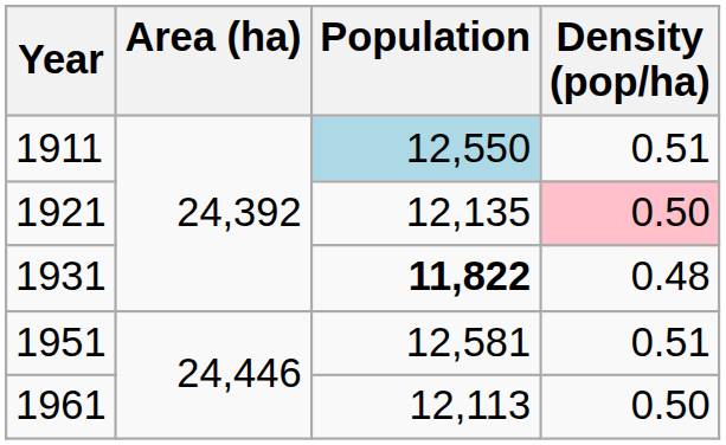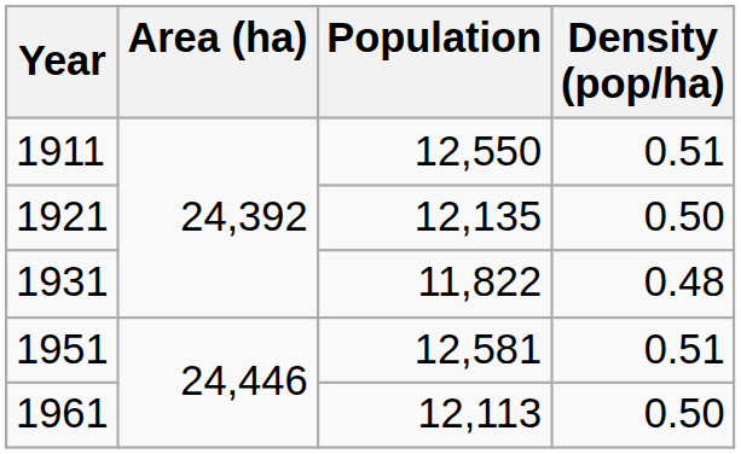 <table class="wikitable">
 <tr>
 <th>Year</th>
 <th>Area (ha)<br><br> </th>
 <th>Population<br><br> </th>
 <th>Density<br>(pop/ha)</th>
 </tr>
 <tr>
 <td>1911</td>
 <td style="text-align:right;" rowspan="3">24,392</td>
-<td style="background: lightblue; text-align:right;">12,550</td>
+<td style="text-align:right;">12,550</td>
 <td style="text-align:right;">0.51</td>
 </tr>
 <tr>
 <td>1921</td>
 <td style="text-align:right;">12,135</td>
-<td style="background: pink; text-align:right;">0.50</td>
+<td style="text-align:right;">0.50</td>
 </tr>
 <tr>
 <td>1931</td>
-<td style="text-align:right;"><strong>11,822</strong></td>
+<td style="text-align:right;">11,822</td>
 <td style="text-align:right;">0.48</td>
 </tr>
 <tr>
 <td>1951</td>
 <td style="text-align:right;" rowspan="2">24,446</td>
 <td style="text-align:right;">12,581</td>
 <td style="text-align:right;">0.51</td>
 </tr>
 <tr>
 <td>1961</td>
 <td style="text-align:right;">12,113</td>
 <td style="text-align:right;">0.50</td>
 </tr>
 </table>
